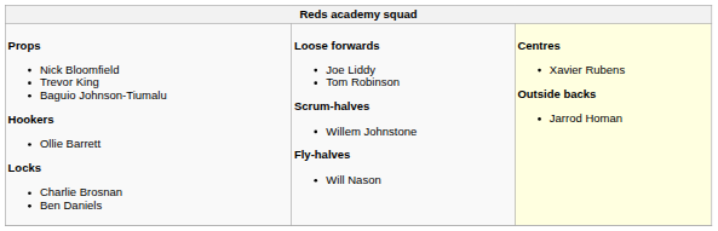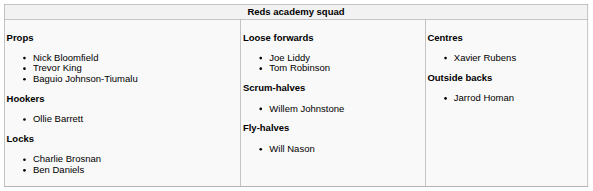 <table class="wikitable" style="text-align:left; font-size:90%; min-width:70%">
 <tr>
 <th colspan="100%">Reds academy squad</th>
 </tr>
 <tr valign="top">
 <td><br><strong>Props</strong><ul><li> Nick Bloomfield</li><li> Trevor King</li><li> Baguio Johnson-Tiumalu</li></ul><strong>Hookers</strong><ul><li> Ollie Barrett</li></ul><strong>Locks</strong><ul><li> Charlie Brosnan</li><li> Ben Daniels</li></ul></td>
 <td><br><strong>Loose forwards</strong><ul><li> Joe Liddy</li><li> Tom Robinson</li></ul><strong>Scrum-halves</strong><ul><li> Willem Johnstone</li></ul><strong>Fly-halves</strong><ul><li> Will Nason</li></ul></td>
-<td style="background: lightyellow;"><br><strong>Centres</strong><ul><li> Xavier Rubens</li></ul><strong>Outside backs</strong><ul><li> Jarrod Homan</li></ul></td>
+<td><br><strong>Centres</strong><ul><li> Xavier Rubens</li></ul><strong>Outside backs</strong><ul><li> Jarrod Homan</li></ul></td>
 </tr>
 <tr>
 </tr>
 </table>
